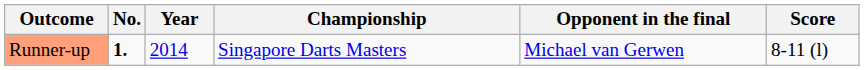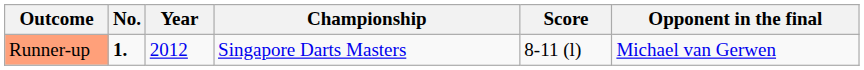 <table class=" sortable wikitable">
 <tr>
 <th style="width:80px;">Outcome</th>
 <th style="width:20px;">No.</th>
 <th style="width:50px;">Year</th>
 <th style="width:250px;">Championship</th>
+<th style="width:70px;">Score</th>
 <th style="width:200px;">Opponent in the final</th>
-<th style="width:70px;">Score</th>
 </tr>
 <tr style=>
 <td style="background:#ffa07a">Runner-up</td>
 <td><strong>1.</strong></td>
-<td><a href='#'>2014</a></td>
+<td><a href='#'>2012</a></td>
 <td><a href='#'>Singapore Darts Masters</a></td>
+<td>8-11 (l)</td>
 <td> <a href='#'>Michael van Gerwen</a></td>
-<td>8-11 (l)</td>
 </tr>
 </table>
